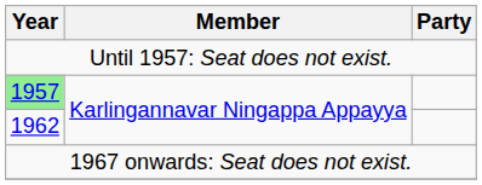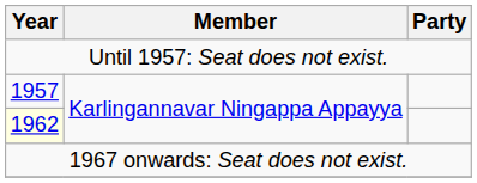 <table class="wikitable sortable">
 <tr>
 <th>Year</th>
 <th>Member</th>
 <th colspan="2">Party</th>
 </tr>
 <tr>
 <td colspan=4 align=center>Until 1957: <em>Seat does not exist.</em></td>
 </tr>
 <tr>
-<td style="background: lightgreen;"><a href='#'>1957</a></td>
+<td><a href='#'>1957</a></td>
 <td rowspan=2><a href='#'>Karlingannavar Ningappa Appayya</a></td>
 <td></td>
 </tr>
 <tr>
-<td><a href='#'>1962</a></td>
+<td style="background: lightyellow;"><a href='#'>1962</a></td>
 </tr>
 <tr>
 <td colspan=4 align=center>1967 onwards: <em>Seat does not exist.</em></td>
 </tr>
 <tr>
 </tr>
 </table>
